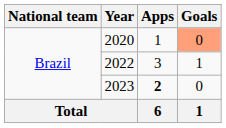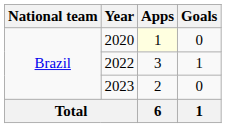 <table class="wikitable" style="text-align:center">
 <tr>
 <th>National team</th>
 <th>Year</th>
 <th>Apps</th>
 <th>Goals</th>
 </tr>
 <tr>
 <td rowspan="3"><a href='#'>Brazil</a></td>
 <td>2020</td>
-<td>1</td>
-<td style="background: lightsalmon;">0</td>
+<td style="background: lightyellow;">1</td>
+<td>0</td>
 </tr>
 <tr>
 <td>2022</td>
 <td>3</td>
 <td>1</td>
 </tr>
 <tr>
 <td>2023</td>
-<td><strong>2</strong></td>
+<td>2</td>
 <td>0</td>
 </tr>
 <tr>
 <th colspan="2">Total</th>
 <th>6</th>
 <th>1</th>
 </tr>
 </table>
